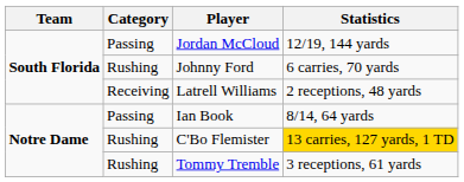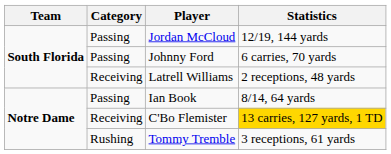 <table class="wikitable" style="float: left;">
 <tr>
 <th>Team</th>
 <th>Category</th>
 <th>Player</th>
 <th>Statistics</th>
 </tr>
 <tr>
 <td rowspan=3><strong>South Florida</strong></td>
 <td>Passing</td>
 <td><a href='#'>Jordan McCloud</a></td>
 <td>12/19, 144 yards</td>
 </tr>
 <tr>
-<td>Rushing</td>
+<td>Passing</td>
 <td>Johnny Ford</td>
 <td>6 carries, 70 yards</td>
 </tr>
 <tr>
 <td>Receiving</td>
 <td>Latrell Williams</td>
 <td>2 receptions, 48 yards</td>
 </tr>
 <tr>
 <td rowspan=3><strong>Notre Dame</strong></td>
 <td>Passing</td>
 <td>Ian Book</td>
 <td>8/14, 64 yards</td>
 </tr>
 <tr>
-<td>Rushing</td>
+<td>Receiving</td>
 <td>C'Bo Flemister</td>
 <td style="background: gold;">13 carries, 127 yards, 1 TD</td>
 </tr>
 <tr>
 <td>Rushing</td>
 <td><a href='#'>Tommy Tremble</a></td>
 <td>3 receptions, 61 yards</td>
 </tr>
 </table>
